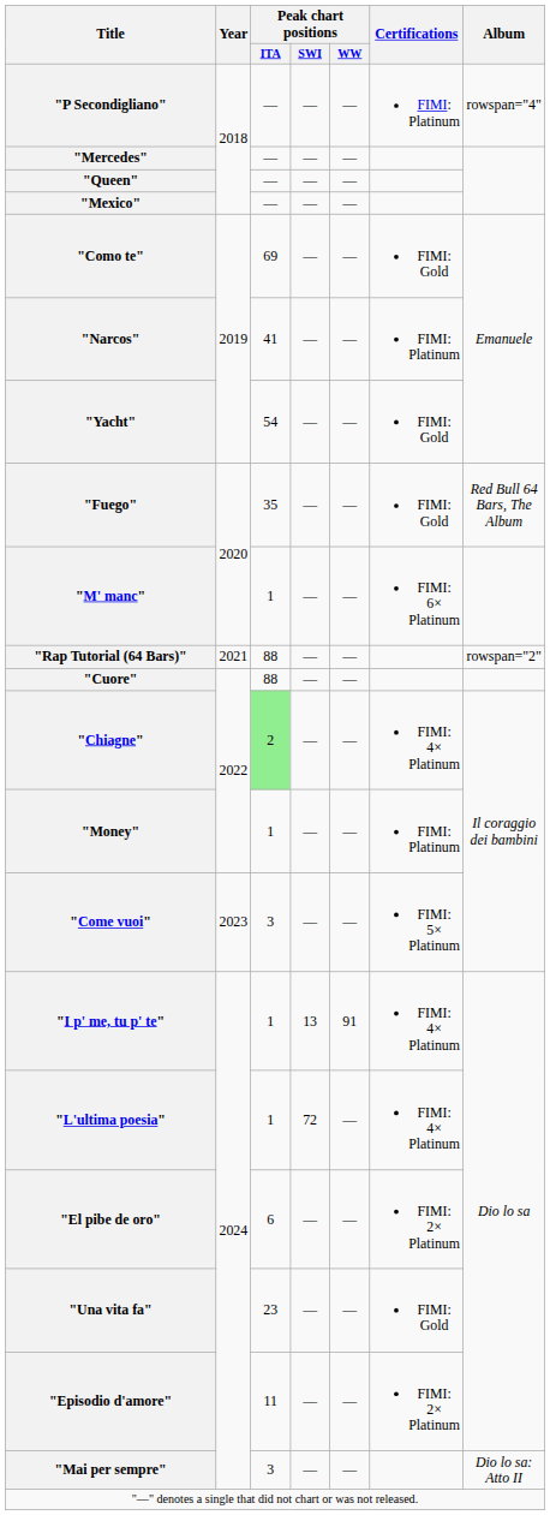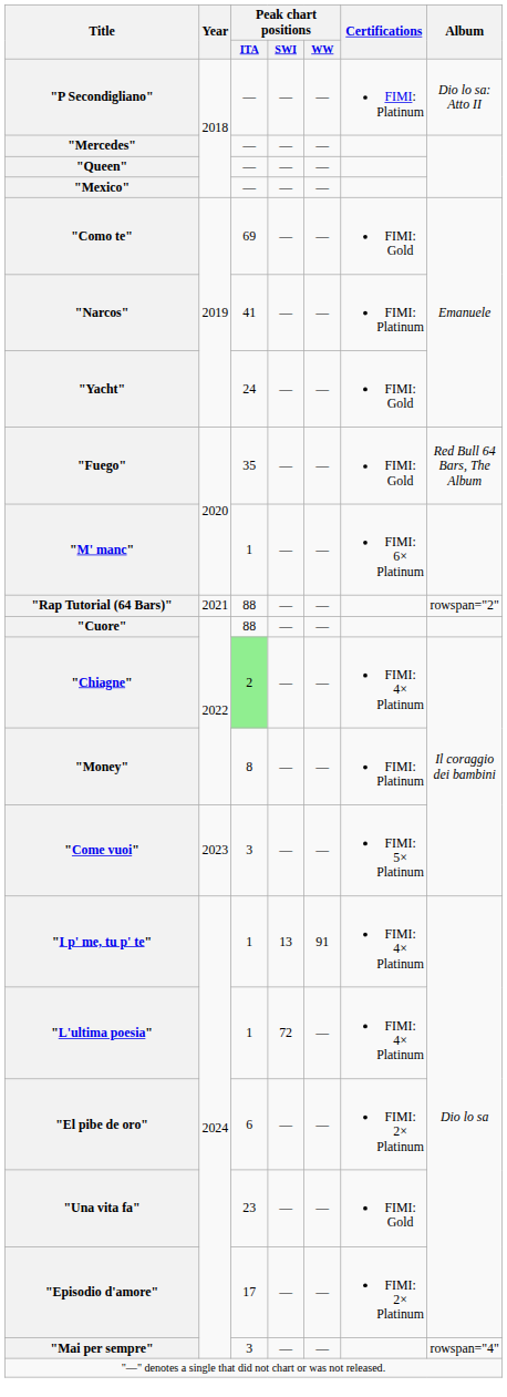 <table class="wikitable plainrowheaders" style="text-align:center;">
 <tr>
 <th scope="col" rowspan="2" style="width:16em;">Title</th>
 <th scope="col" rowspan="2" style="width:1em;">Year</th>
 <th scope="col" colspan="3">Peak chart positions</th>
 <th scope="col" rowspan="2"><a href='#'>Certifications</a></th>
 <th scope="col" rowspan="2">Album</th>
 </tr>
 <tr>
 <th scope="col" style="width:3em;font-size:85%;"><a href='#'>ITA</a><br></th>
 <th scope="col" style="width:3em;font-size:85%;"><a href='#'>SWI</a><br></th>
 <th scope="col" style="width:3em;font-size:85%;"><a href='#'>WW</a><br></th>
 </tr>
 <tr>
 <th scope="row">"P Secondigliano"<br></th>
 <td rowspan="4">2018</td>
 <td>—</td>
 <td>—</td>
 <td>—</td>
 <td><br><ul><li><a href='#'>FIMI</a>: Platinum</li></ul></td>
-<td>rowspan="4" </td>
+<td><em>Dio lo sa: Atto II</em></td>
 </tr>
 <tr>
 <th scope="row">"Mercedes"</th>
 <td>—</td>
 <td>—</td>
 <td>—</td>
 <td></td>
 </tr>
 <tr>
 <th scope="row">"Queen"</th>
 <td>—</td>
 <td>—</td>
 <td>—</td>
 <td></td>
 </tr>
 <tr>
 <th scope="row">"Mexico"</th>
 <td>—</td>
 <td>—</td>
 <td>—</td>
 <td></td>
 </tr>
 <tr>
 <th scope="row">"Como te"<br></th>
 <td rowspan="3">2019</td>
 <td>69</td>
 <td>—</td>
 <td>—</td>
 <td><br><ul><li>FIMI: Gold</li></ul></td>
 <td rowspan="3"><em>Emanuele</em></td>
 </tr>
 <tr>
 <th scope="row">"Narcos"</th>
 <td>41</td>
 <td>—</td>
 <td>—</td>
 <td><br><ul><li>FIMI: Platinum</li></ul></td>
 </tr>
 <tr>
 <th scope="row">"Yacht"<br></th>
-<td>54</td>
+<td>24</td>
 <td>—</td>
 <td>—</td>
 <td><br><ul><li>FIMI: Gold</li></ul></td>
 </tr>
 <tr>
 <th scope="row">"Fuego"<br></th>
 <td rowspan="2">2020</td>
 <td>35</td>
 <td>—</td>
 <td>—</td>
 <td><br><ul><li>FIMI: Gold</li></ul></td>
 <td><em>Red Bull 64 Bars, The Album</em></td>
 </tr>
 <tr>
 <th scope="row">"<a href='#'>M' manc</a>"<br></th>
 <td>1</td>
 <td>—</td>
 <td>—</td>
 <td><br><ul><li>FIMI: 6× Platinum</li></ul></td>
 </tr>
 <tr>
 <th scope="row">"Rap Tutorial (64 Bars)"<br></th>
 <td>2021</td>
 <td>88</td>
 <td>—</td>
 <td>—</td>
 <td></td>
 <td>rowspan="2" </td>
 </tr>
 <tr>
 <th scope="row">"Cuore"<br></th>
 <td rowspan="3">2022</td>
 <td>88</td>
 <td>—</td>
 <td>—</td>
 <td></td>
 <td></td>
 </tr>
 <tr>
 <th scope="row">"<a href='#'>Chiagne</a>"<br></th>
 <td style="background: lightgreen;">2</td>
 <td>—</td>
 <td>—</td>
 <td><br><ul><li>FIMI: 4× Platinum</li></ul></td>
 <td rowspan="3"><em>Il coraggio dei bambini</em></td>
 </tr>
 <tr>
 <th scope="row">"Money"</th>
-<td>1</td>
+<td>8</td>
 <td>—</td>
 <td>—</td>
 <td><br><ul><li>FIMI: Platinum</li></ul></td>
 </tr>
 <tr>
 <th scope="row">"<a href='#'>Come vuoi</a>"</th>
 <td>2023</td>
 <td>3</td>
 <td>—</td>
 <td>—</td>
 <td><br><ul><li>FIMI: 5× Platinum</li></ul></td>
 </tr>
 <tr>
 <th scope="row">"<a href='#'>I p' me, tu p' te</a>"</th>
 <td rowspan="6">2024</td>
 <td>1</td>
 <td>13</td>
 <td>91</td>
 <td><br><ul><li>FIMI: 4× Platinum</li></ul></td>
 <td rowspan="5"><em>Dio lo sa</em></td>
 </tr>
 <tr>
 <th scope="row">"<a href='#'>L'ultima poesia</a>"<br></th>
 <td>1</td>
 <td>72</td>
 <td>—</td>
 <td><br><ul><li>FIMI: 4× Platinum</li></ul></td>
 </tr>
 <tr>
 <th scope="row">"El pibe de oro"</th>
 <td>6</td>
 <td>—</td>
 <td>—</td>
 <td><br><ul><li>FIMI: 2× Platinum</li></ul></td>
 </tr>
 <tr>
 <th scope="row">"Una vita fa"<br></th>
 <td>23</td>
 <td>—</td>
 <td>—</td>
 <td><br><ul><li>FIMI: Gold</li></ul></td>
 </tr>
 <tr>
 <th scope="row">"Episodio d'amore"</th>
-<td>11</td>
+<td>17</td>
 <td>—</td>
 <td>—</td>
 <td><br><ul><li>FIMI: 2× Platinum</li></ul></td>
 </tr>
 <tr>
 <th scope="row">"Mai per sempre"</th>
 <td>3<br></td>
 <td>—</td>
 <td>—</td>
 <td></td>
-<td><em>Dio lo sa: Atto II</em></td>
+<td>rowspan="4" </td>
 </tr>
 <tr>
 <td colspan="7" style="font-size:85%;">"—" denotes a single that did not chart or was not released.</td>
 </tr>
 </table>
